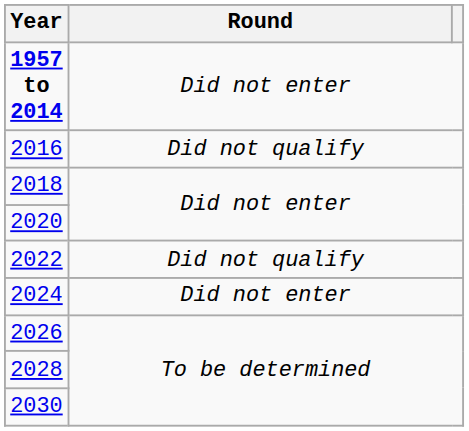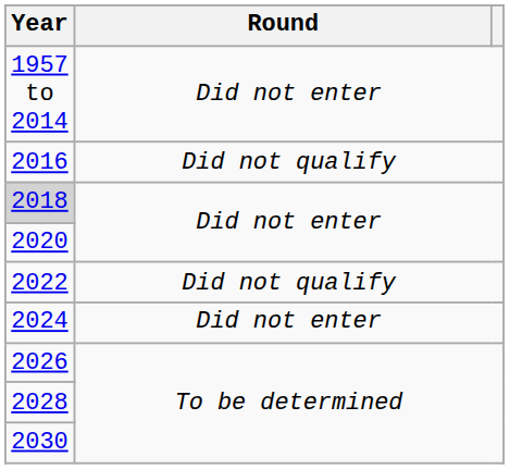 <table class="wikitable" style="text-align: center; font-size:90%">
 <tr>
 <th>Year</th>
 <th style="width:200px">Round</th>
 <th></th>
 </tr>
 <tr>
-<td><strong><a href='#'>1957</a><br>to<br><a href='#'>2014</a></strong></td>
+<td><a href='#'>1957</a><br>to<br><a href='#'>2014</a></td>
 <td colspan="2"><em>Did not enter</em></td>
 </tr>
 <tr>
 <td><a href='#'>2016</a></td>
 <td colspan="2"><em>Did not qualify</em></td>
 </tr>
 <tr>
-<td><a href='#'>2018</a></td>
+<td style="background: lightgrey;"><a href='#'>2018</a></td>
 <td colspan="2" rowspan="2"><em>Did not enter</em></td>
 </tr>
 <tr>
 <td><a href='#'>2020</a></td>
 </tr>
 <tr>
 <td><a href='#'>2022</a></td>
 <td colspan="2"><em>Did not qualify</em></td>
 </tr>
 <tr>
 <td><a href='#'>2024</a></td>
 <td colspan="2"><em>Did not enter</em></td>
 </tr>
 <tr>
 <td><a href='#'>2026</a></td>
 <td colspan="2" rowspan="3"><em>To be determined</em></td>
 </tr>
 <tr>
 <td><a href='#'>2028</a></td>
 </tr>
 <tr>
 <td><a href='#'>2030</a></td>
 </tr>
 </table>
